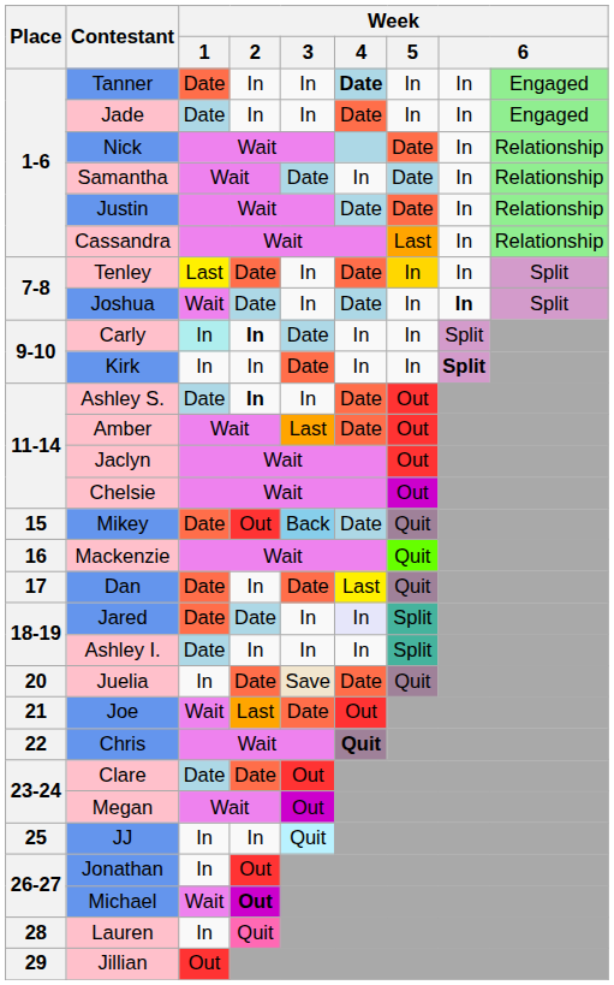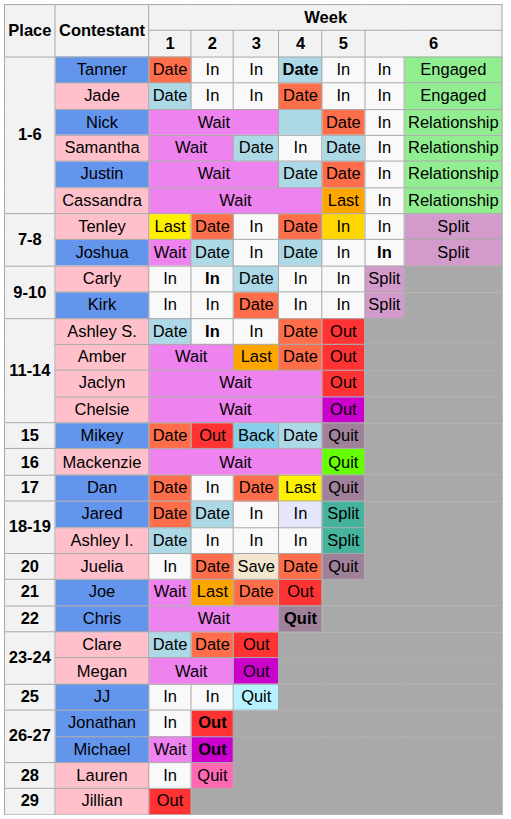 <table class="wikitable" style="text-align:center">
 <tr>
 <th rowspan=2>Place</th>
 <th rowspan=2>Contestant</th>
 <th colspan=8>Week</th>
 </tr>
 <tr>
 <th>1</th>
 <th>2</th>
 <th>3</th>
 <th>4</th>
 <th>5</th>
 <th colspan=2>6</th>
 </tr>
 <tr>
 <th rowspan=6>1-6</th>
 <td bgcolor="#6495ED">Tanner</td>
 <td bgcolor="#FF6E4A">Date</td>
 <td>In</td>
 <td>In</td>
 <td bgcolor="#ADD8E6"><strong>Date</strong></td>
 <td>In</td>
 <td>In</td>
 <td bgcolor="#90EE90">Engaged</td>
 </tr>
 <tr>
 <td bgcolor="#FFC0CB">Jade</td>
 <td bgcolor="#ADD8E6">Date</td>
 <td>In</td>
 <td>In</td>
 <td bgcolor="#FF6E4A">Date</td>
 <td>In</td>
 <td>In</td>
 <td bgcolor="#90EE90">Engaged</td>
 </tr>
 <tr>
 <td bgcolor="#6495ED">Nick</td>
 <td bgcolor="violet" colspan=3>Wait</td>
 <td bgcolor="#ADD8E6"></td>
 <td bgcolor="#FF6E4A">Date</td>
 <td>In</td>
 <td bgcolor="90EE90">Relationship</td>
 </tr>
 <tr>
 <td bgcolor="#FFC0CB">Samantha</td>
 <td bgcolor="violet" colspan=2>Wait</td>
 <td bgcolor="#ADD8E6">Date</td>
 <td>In</td>
 <td bgcolor="#ADD8E6">Date</td>
 <td>In</td>
 <td bgcolor="90EE90">Relationship</td>
 </tr>
 <tr>
 <td bgcolor="#6495ED">Justin</td>
 <td bgcolor="violet" colspan=3>Wait</td>
 <td bgcolor="#ADD8E6">Date</td>
 <td bgcolor="#FF6E4A">Date</td>
 <td>In</td>
 <td bgcolor="90EE90">Relationship</td>
 </tr>
 <tr>
 <td bgcolor="#FFC0CB">Cassandra</td>
 <td bgcolor="violet" colspan=4>Wait</td>
 <td bgcolor="#ffa500">Last</td>
 <td>In</td>
 <td bgcolor="90EE90">Relationship</td>
 </tr>
 <tr>
 <th rowspan=2>7-8</th>
 <td bgcolor="#FFC0CB">Tenley</td>
 <td bgcolor="#FFF000">Last</td>
 <td bgcolor="#FF6E4A">Date</td>
 <td>In</td>
 <td bgcolor="#FF6E4A">Date</td>
 <td style="background: gold;">In</td>
 <td>In</td>
 <td bgcolor="#D39BCB">Split</td>
 </tr>
 <tr>
 <td bgcolor="#6495ED">Joshua</td>
 <td bgcolor="violet">Wait</td>
 <td bgcolor="#ADD8E6">Date</td>
 <td>In</td>
 <td bgcolor="#ADD8E6">Date</td>
 <td>In</td>
 <td><strong>In</strong></td>
 <td bgcolor="#D39BCB">Split</td>
 </tr>
 <tr>
 <th rowspan=2>9-10</th>
 <td bgcolor="#FFC0CB">Carly</td>
-<td style="background: paleturquoise;">In</td>
+<td>In</td>
 <td><strong>In</strong></td>
 <td bgcolor="#ADD8E6">Date</td>
 <td>In</td>
 <td>In</td>
 <td bgcolor="#D39BCB">Split</td>
 <td bgcolor="A9A9A9" colspan= 1></td>
 </tr>
 <tr>
 <td bgcolor="#6495ED">Kirk</td>
 <td>In</td>
 <td>In</td>
 <td bgcolor="#FF6E4A">Date</td>
 <td>In</td>
 <td>In</td>
-<td bgcolor="#D39BCB"><strong>Split</strong></td>
+<td bgcolor="#D39BCB">Split</td>
 <td bgcolor="A9A9A9" colspan= 1></td>
 </tr>
 <tr>
 <th rowspan=4>11-14</th>
 <td bgcolor="#FFC0CB">Ashley S.</td>
 <td bgcolor="#ADD8E6">Date</td>
 <td><strong>In</strong></td>
 <td>In</td>
 <td bgcolor="#FF6E4A">Date</td>
 <td bgcolor="#FF3333">Out</td>
 <td bgcolor="A9A9A9" colspan= 2></td>
 </tr>
 <tr>
 <td bgcolor="#ffc0cb">Amber</td>
 <td bgcolor="violet" colspan=2>Wait</td>
 <td bgcolor="#ffa500">Last</td>
 <td bgcolor="#FF6E4A">Date</td>
 <td bgcolor="#FF3333">Out</td>
 <td bgcolor="A9A9A9" colspan= 2></td>
 </tr>
 <tr>
 <td bgcolor="#FFC0CB">Jaclyn</td>
 <td bgcolor="violet" colspan=4>Wait</td>
 <td bgcolor="#FF3333">Out</td>
 <td bgcolor="A9A9A9" colspan= 2></td>
 </tr>
 <tr>
 <td bgcolor="#FFC0CB">Chelsie</td>
 <td bgcolor="violet" colspan=4>Wait</td>
 <td bgcolor="#CC00cc">Out</td>
 <td bgcolor="A9A9A9" colspan= 2></td>
 </tr>
 <tr>
 <th>15</th>
 <td bgcolor="#6495ED">Mikey</td>
 <td bgcolor="#FF6E4A">Date</td>
 <td bgcolor="#FF3333">Out</td>
 <td bgcolor="skyblue">Back</td>
 <td bgcolor="#ADD8E6">Date</td>
 <td bgcolor="#9F8199">Quit</td>
 <td bgcolor="A9A9A9" colspan= 2></td>
 </tr>
 <tr>
 <th>16</th>
 <td bgcolor="#FFC0CB">Mackenzie</td>
 <td bgcolor="violet" colspan=4>Wait</td>
 <td bgcolor="#66ff00">Quit</td>
 <td bgcolor="A9A9A9" colspan= 2></td>
 </tr>
 <tr>
 <th>17</th>
 <td bgcolor="#6495ED">Dan</td>
 <td bgcolor="#FF6E4A">Date</td>
 <td>In</td>
 <td bgcolor="#FF6E4A">Date</td>
 <td bgcolor="#FFF000">Last</td>
 <td bgcolor="#9F8199">Quit</td>
 <td bgcolor="A9A9A9" colspan= 2></td>
 </tr>
 <tr>
 <th rowspan=2>18-19</th>
 <td bgcolor="#6495ED">Jared</td>
 <td bgcolor="#FF6E4A">Date</td>
 <td bgcolor="#ADD8E6">Date</td>
 <td>In</td>
 <td style="background: lavender;">In</td>
 <td bgcolor="#45B39D">Split</td>
 <td bgcolor="A9A9A9" colspan= 2></td>
 </tr>
 <tr>
 <td bgcolor="#FFC0CB">Ashley I.</td>
 <td bgcolor="#ADD8E6">Date</td>
 <td>In</td>
 <td>In</td>
 <td>In</td>
 <td bgcolor="#45B39D">Split</td>
 <td bgcolor="A9A9A9" colspan= 2></td>
 </tr>
 <tr>
 <th>20</th>
 <td bgcolor="#FFC0CB">Juelia</td>
 <td>In</td>
 <td bgcolor="#FF6E4A">Date</td>
 <td bgcolor="F2E6CE">Save</td>
 <td bgcolor="#FF6E4A">Date</td>
 <td bgcolor="#9F8199">Quit</td>
 <td bgcolor="A9A9A9" colspan= 2></td>
 </tr>
 <tr>
 <th>21</th>
 <td bgcolor="#6495ED">Joe</td>
 <td bgcolor="violet">Wait</td>
 <td bgcolor="#ffa500">Last</td>
 <td bgcolor="#FF6E4A">Date</td>
 <td bgcolor="#FF3333">Out</td>
 <td bgcolor="A9A9A9" colspan= 3></td>
 </tr>
 <tr>
 <th>22</th>
 <td bgcolor="#6495ED">Chris</td>
 <td bgcolor="violet" colspan=3>Wait</td>
 <td bgcolor="#9F8199"><strong>Quit</strong></td>
 <td bgcolor="A9A9A9" colspan= 3></td>
 </tr>
 <tr>
 <th rowspan=2>23-24</th>
 <td bgcolor="#FFC0CB">Clare</td>
 <td bgcolor="#ADD8E6">Date</td>
 <td bgcolor="#FF6E4A">Date</td>
 <td bgcolor="#FF3333">Out</td>
 <td bgcolor="A9A9A9" colspan= 4></td>
 </tr>
 <tr>
 <td bgcolor="#FFc0cb">Megan</td>
 <td bgcolor="violet" colspan=2>Wait</td>
 <td bgcolor="#CC00cc">Out</td>
 <td bgcolor="A9A9A9" colspan= 4></td>
 </tr>
 <tr>
 <th>25</th>
 <td bgcolor="#6495ED">JJ</td>
 <td>In</td>
 <td>In</td>
 <td bgcolor="#b9f2ff">Quit</td>
 <td bgcolor="A9A9A9" colspan= 4></td>
 </tr>
 <tr>
 <th rowspan=2>26-27</th>
 <td bgcolor="#6495ED">Jonathan</td>
 <td>In</td>
-<td bgcolor="#FF3333">Out</td>
+<td bgcolor="#FF3333"><strong>Out</strong></td>
 <td bgcolor="A9A9A9" colspan= 5></td>
 </tr>
 <tr>
 <td bgcolor="#6495ED">Michael</td>
 <td bgcolor="violet">Wait</td>
 <td bgcolor="#CC00cc"><strong>Out</strong></td>
 <td bgcolor="A9A9A9" colspan= 5></td>
 </tr>
 <tr>
 <th>28</th>
 <td bgcolor="#FFC0CB">Lauren</td>
 <td>In</td>
 <td bgcolor="hotpink">Quit</td>
 <td bgcolor="A9A9A9" colspan= 5></td>
 </tr>
 <tr>
 <th>29</th>
 <td bgcolor="#FFC0CB">Jillian</td>
 <td bgcolor="#FF3333">Out</td>
 <td bgcolor="A9A9A9" colspan= 6></td>
 </tr>
 <tr>
 </tr>
 </table>
